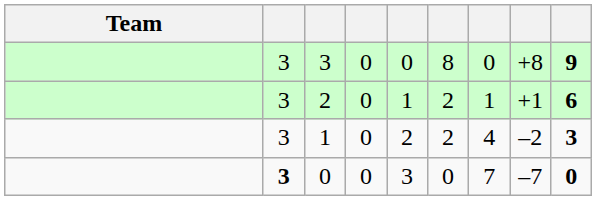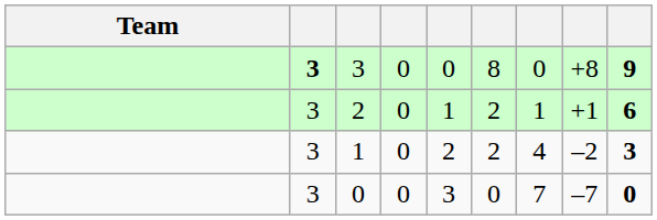 <table class="wikitable" style="text-align:center;">
 <tr>
 <th width="165">Team</th>
 <th width="20"></th>
 <th width="20"></th>
 <th width="20"></th>
 <th width="20"></th>
 <th width="20"></th>
 <th width="20"></th>
 <th width="20"></th>
 <th width="20"><br></th>
 </tr>
 <tr align=center bgcolor="ccffcc">
 <td style="text-align:left;"></td>
-<td>3</td>
+<td><strong>3</strong></td>
 <td>3</td>
 <td>0</td>
 <td>0</td>
 <td>8</td>
 <td>0</td>
 <td>+8</td>
 <td><strong>9</strong></td>
 </tr>
 <tr align=center bgcolor="ccffcc">
 <td style="text-align:left;"></td>
 <td>3</td>
 <td>2</td>
 <td>0</td>
 <td>1</td>
 <td>2</td>
 <td>1</td>
 <td>+1</td>
 <td><strong>6</strong></td>
 </tr>
 <tr>
 <td style="text-align:left;"></td>
 <td>3</td>
 <td>1</td>
 <td>0</td>
 <td>2</td>
 <td>2</td>
 <td>4</td>
 <td>–2</td>
 <td><strong>3</strong></td>
 </tr>
 <tr>
 <td style="text-align:left;"></td>
-<td><strong>3</strong></td>
+<td>3</td>
 <td>0</td>
 <td>0</td>
 <td>3</td>
 <td>0</td>
 <td>7</td>
 <td>–7</td>
 <td><strong>0</strong></td>
 </tr>
 </table>
